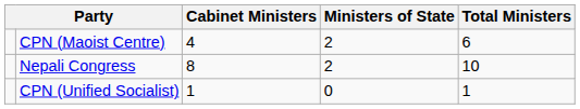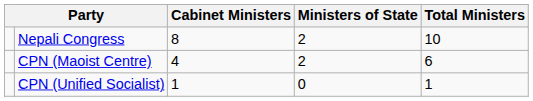 <table class="wikitable">
 <tr>
 <th colspan="2">Party</th>
 <th>Cabinet Ministers</th>
 <th>Ministers of State</th>
 <th>Total Ministers</th>
+</tr>
+<tr>
+<td width="4px"></td>
+<td><a href='#'>Nepali Congress</a></td>
+<td>8</td>
+<td>2</td>
+<td>10</td>
 </tr>
 <tr>
 <td width="4px"></td>
 <td><a href='#'>CPN (Maoist Centre)</a></td>
 <td>4</td>
 <td>2</td>
 <td>6</td>
 </tr>
 <tr>
 <td width="4px"></td>
-<td><a href='#'>Nepali Congress</a></td>
-<td>8</td>
-<td>2</td>
-<td>10</td>
-</tr>
-<tr>
-<td width="4px"></td>
 <td><a href='#'>CPN (Unified Socialist)</a></td>
 <td>1</td>
 <td>0</td>
 <td>1</td>
 </tr>
 </table>
